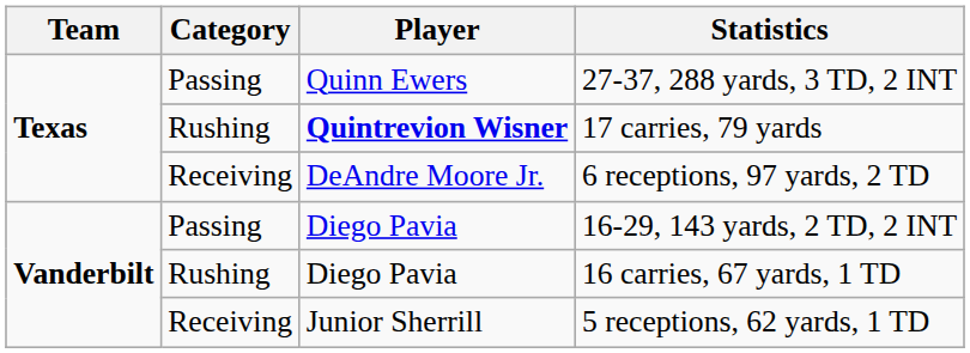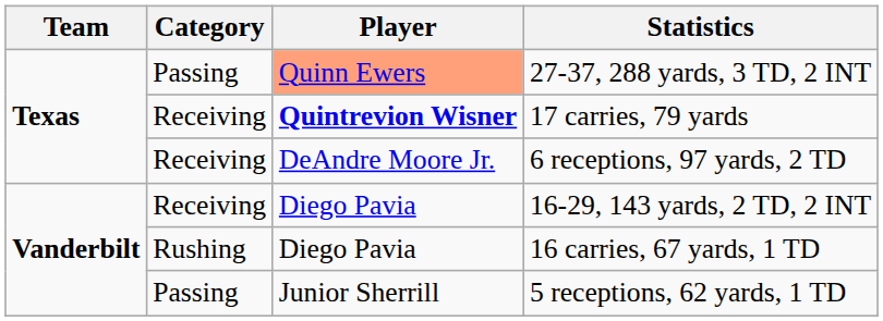 <table class="wikitable" style="float: right;">
 <tr>
 <th>Team</th>
 <th>Category</th>
 <th>Player</th>
 <th>Statistics</th>
 </tr>
 <tr>
 <td rowspan=3><strong>Texas</strong></td>
 <td>Passing</td>
-<td><a href='#'>Quinn Ewers</a></td>
+<td style="background: lightsalmon;"><a href='#'>Quinn Ewers</a></td>
 <td>27-37, 288 yards, 3 TD, 2 INT</td>
 </tr>
 <tr>
-<td>Rushing</td>
+<td>Receiving</td>
 <td><strong><a href='#'>Quintrevion Wisner</a></strong></td>
 <td>17 carries, 79 yards</td>
 </tr>
 <tr>
 <td>Receiving</td>
 <td><a href='#'>DeAndre Moore Jr.</a></td>
 <td>6 receptions, 97 yards, 2 TD</td>
 </tr>
 <tr>
 <td rowspan=3><strong>Vanderbilt</strong></td>
-<td>Passing</td>
+<td>Receiving</td>
 <td><a href='#'>Diego Pavia</a></td>
 <td>16-29, 143 yards, 2 TD, 2 INT</td>
 </tr>
 <tr>
 <td>Rushing</td>
 <td>Diego Pavia</td>
 <td>16 carries, 67 yards, 1 TD</td>
 </tr>
 <tr>
-<td>Receiving</td>
+<td>Passing</td>
 <td>Junior Sherrill</td>
 <td>5 receptions, 62 yards, 1 TD</td>
 </tr>
 </table>
